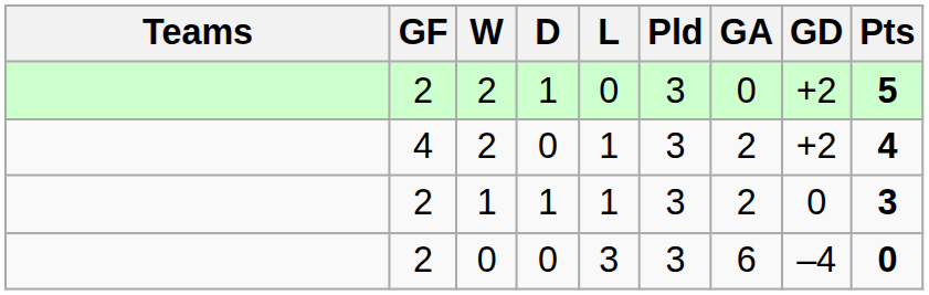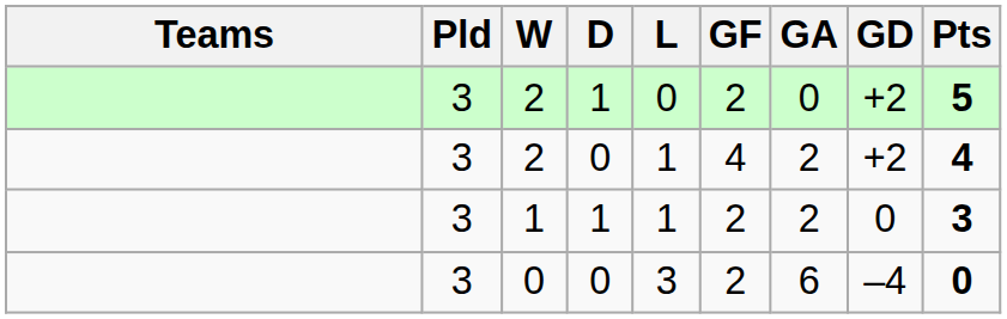 <table class="wikitable" style="text-align: center;">
 <tr>
 <th width=165>Teams</th>
-<th width=20>GF</th>
+<th width=20>Pld</th>
 <th width=20>W</th>
 <th width=20>D</th>
 <th width=20>L</th>
-<th width=20>Pld</th>
+<th width=20>GF</th>
 <th width=20>GA</th>
 <th width=20>GD</th>
 <th width=20>Pts</th>
 </tr>
 <tr align=center style="background:#ccffcc;">
 <td style="text-align:left;"></td>
-<td>2</td>
+<td>3</td>
 <td>2</td>
 <td>1</td>
 <td>0</td>
-<td>3</td>
+<td>2</td>
 <td>0</td>
 <td>+2</td>
 <td><strong>5</strong></td>
 </tr>
 <tr align=center>
 <td style="text-align:left;"></td>
-<td>4</td>
+<td>3</td>
 <td>2</td>
 <td>0</td>
 <td>1</td>
-<td>3</td>
+<td>4</td>
 <td>2</td>
 <td>+2</td>
 <td><strong>4</strong></td>
 </tr>
 <tr align=center>
 <td style="text-align:left;"></td>
-<td>2</td>
+<td>3</td>
 <td>1</td>
 <td>1</td>
 <td>1</td>
-<td>3</td>
+<td>2</td>
 <td>2</td>
 <td>0</td>
 <td><strong>3</strong></td>
 </tr>
 <tr align=center>
 <td style="text-align:left;"></td>
-<td>2</td>
+<td>3</td>
 <td>0</td>
 <td>0</td>
 <td>3</td>
-<td>3</td>
+<td>2</td>
 <td>6</td>
 <td>–4</td>
 <td><strong>0</strong></td>
 </tr>
 </table>
